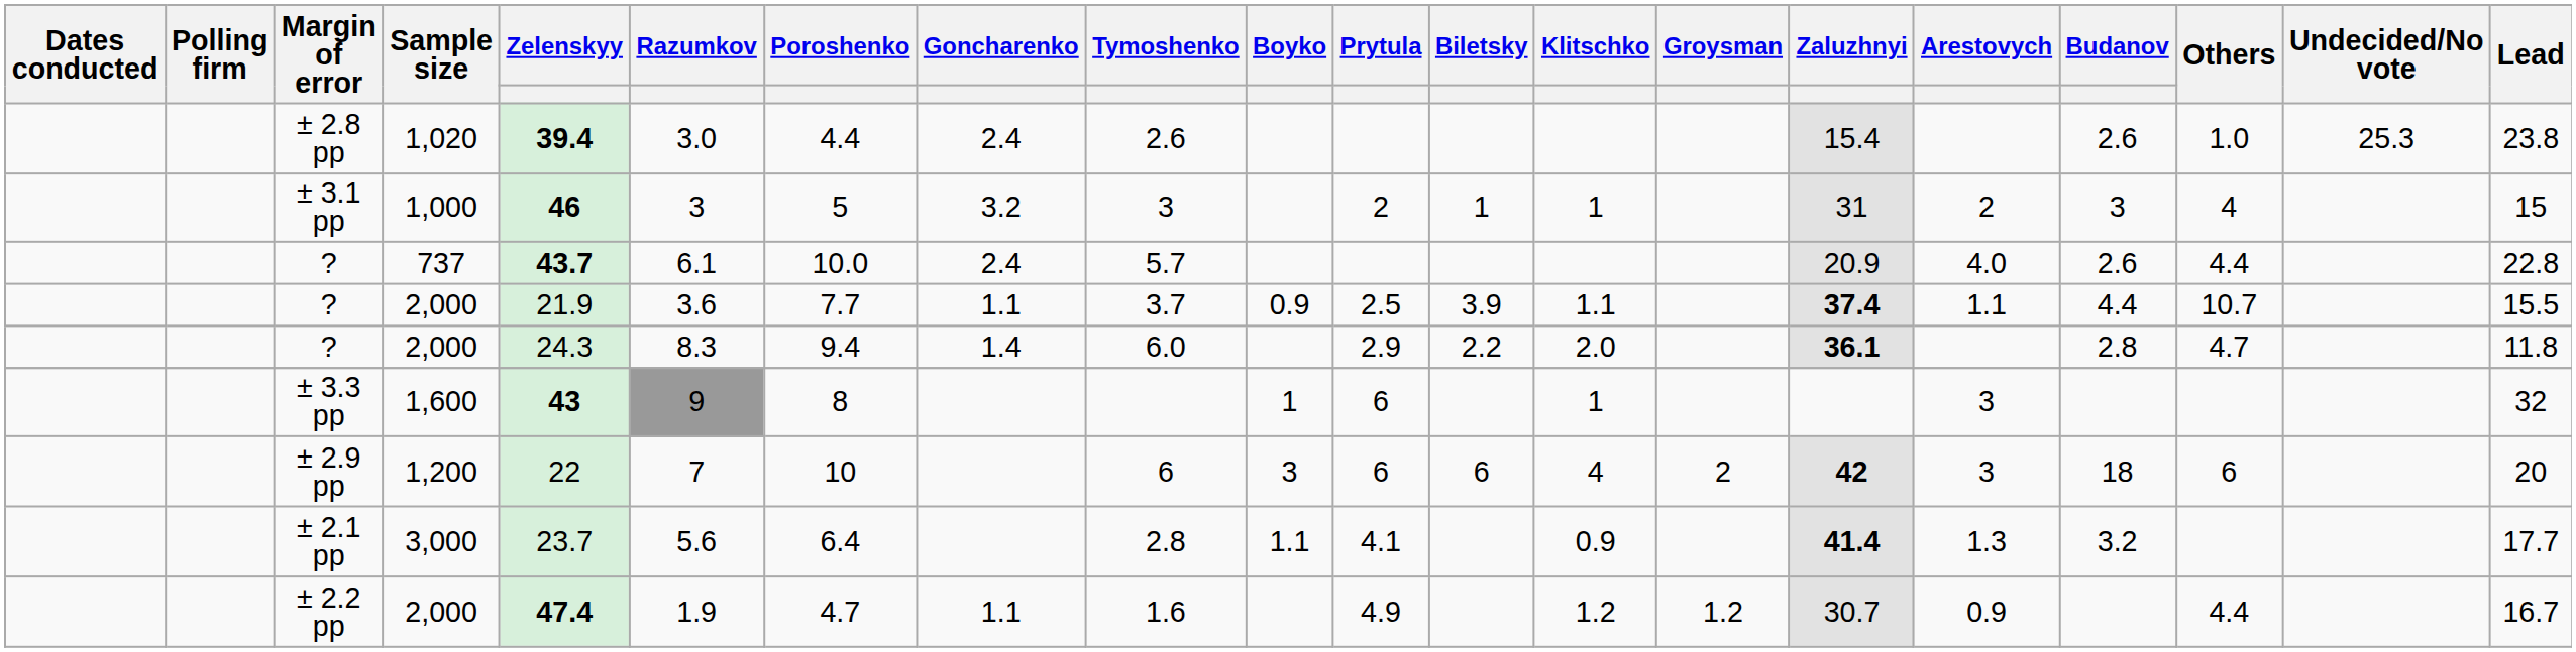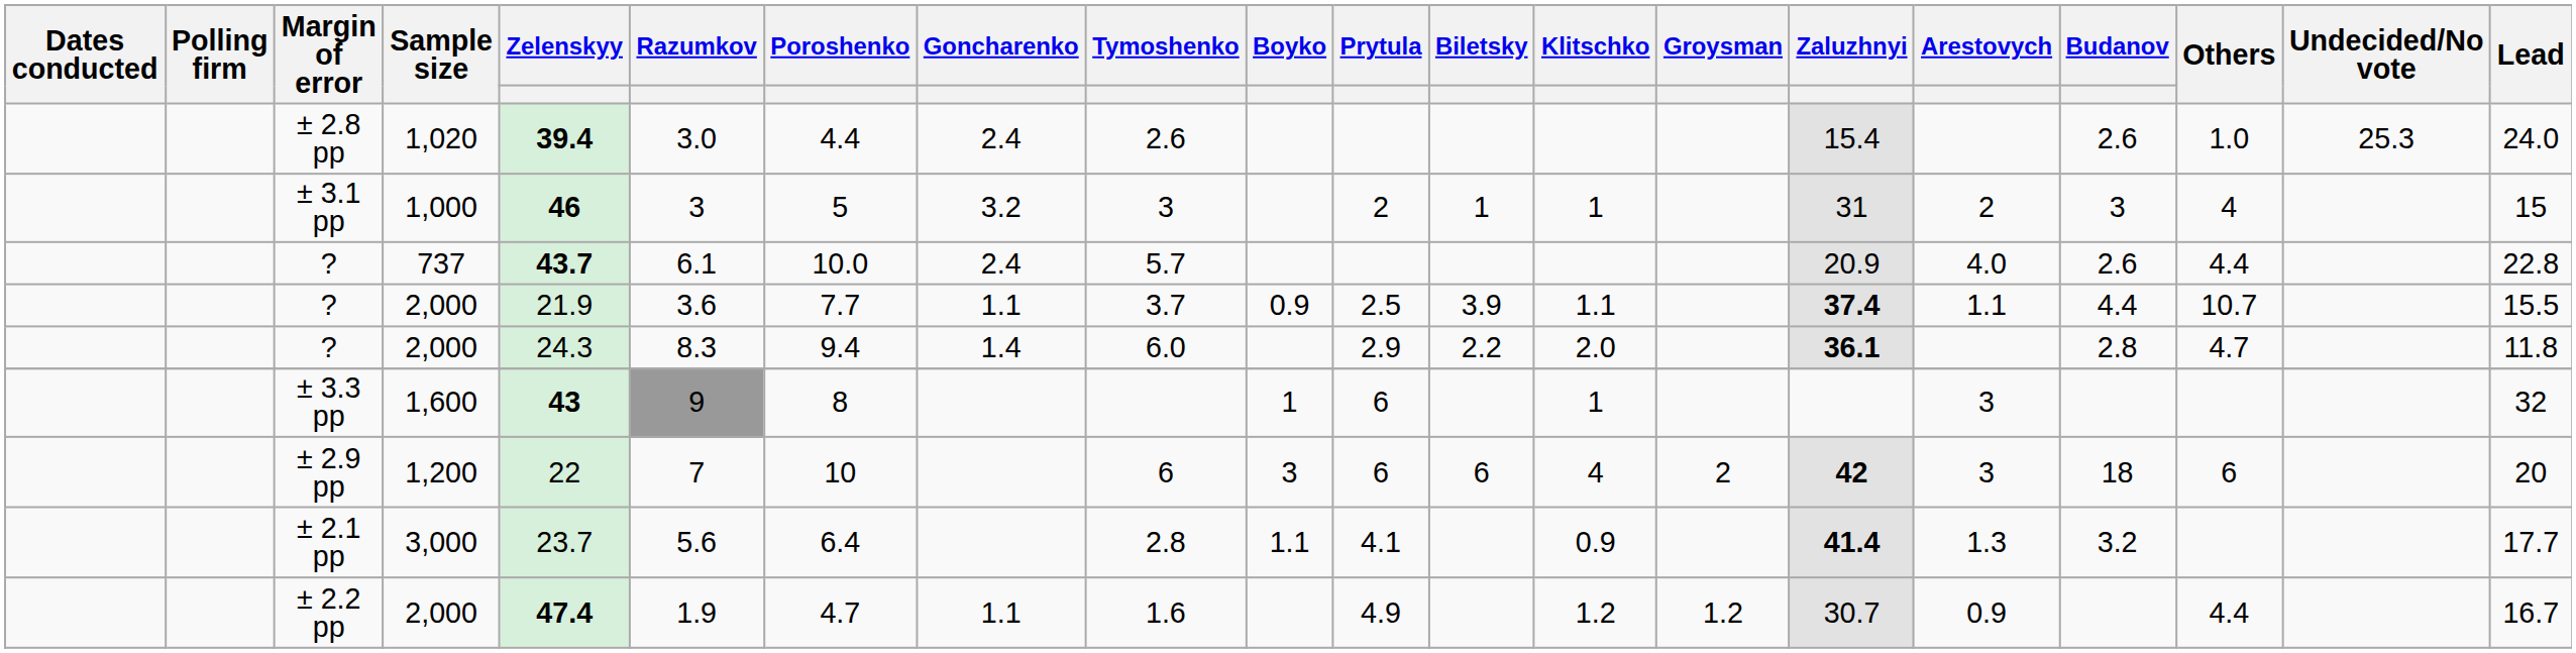 <table class="wikitable mw-datatable mw-collapsible" style="text-align:center;font-size:90%;line-height:14px;">
 <tr style="height:40px;">
 <th rowspan="2">Dates<br>conducted</th>
 <th rowspan="2">Polling firm</th>
 <th rowspan="2">Margin<br>of error</th>
 <th rowspan="2">Sample<br>size</th>
 <th><small><a href='#'>Zelenskyy</a></small><br></th>
 <th><small><a href='#'>Razumkov</a></small><br></th>
 <th><small><a href='#'>Poroshenko</a></small><br></th>
 <th><small><a href='#'>Goncharenko</a></small><br></th>
 <th><small><a href='#'>Tymoshenko</a></small><br></th>
 <th><small><a href='#'>Boyko</a></small><br></th>
 <th><small><a href='#'>Prytula</a></small><br></th>
 <th><small><a href='#'>Biletsky</a></small><br></th>
 <th><small><a href='#'>Klitschko</a></small><br></th>
 <th><small><a href='#'>Groysman</a></small><br></th>
 <th><small><a href='#'>Zaluzhnyi</a></small><br></th>
 <th><small><a href='#'>Arestovych</a></small><br></th>
 <th><small><a href='#'>Budanov</a></small><br></th>
 <th rowspan="2" style="width:40px;">Others</th>
 <th rowspan="2" style="width:40px;">Undecided/No vote</th>
 <th rowspan="2" style="width:40px;">Lead</th>
 </tr>
 <tr>
 <th data-sort-type="number" style="background:"></th>
 <th data-sort-type="number" style="background:"></th>
 <th data-sort-type="number" style="background:"></th>
 <th data-sort-type="number" style="background:"></th>
 <th data-sort-type="number" style="background:"></th>
 <th data-sort-type="number" style="background:"></th>
 <th data-sort-type="number" style="background:"></th>
 <th data-sort-type="number" style="background:"></th>
 <th data-sort-type="number" style="background:"></th>
 <th data-sort-type="number" style="background:"></th>
 <th data-sort-type="number" style="background:"></th>
 <th data-sort-type="number" style="background:"></th>
 <th data-sort-type="number" style="background:"></th>
 </tr>
 <tr>
 <td></td>
 <td></td>
 <td>± 2.8 pp</td>
 <td>1,020</td>
 <td style="background:#D7F0DB;"><strong>39.4</strong></td>
 <td>3.0</td>
 <td>4.4</td>
 <td>2.4</td>
 <td>2.6</td>
 <td></td>
 <td></td>
 <td></td>
 <td></td>
 <td></td>
 <td style="background:#E2E2E2;">15.4</td>
 <td></td>
 <td>2.6</td>
 <td>1.0</td>
 <td>25.3</td>
-<td style="background:">23.8</td>
+<td style="background:">24.0</td>
 </tr>
 <tr>
 <td></td>
 <td></td>
 <td>± 3.1 pp</td>
 <td>1,000</td>
 <td style="background:#D7F0DB;"><strong>46</strong></td>
 <td>3</td>
 <td>5</td>
 <td>3.2</td>
 <td>3</td>
 <td></td>
 <td>2</td>
 <td>1</td>
 <td>1</td>
 <td></td>
 <td style="background:#E2E2E2;">31</td>
 <td>2</td>
 <td>3</td>
 <td>4</td>
 <td></td>
 <td style="background:">15</td>
 </tr>
 <tr>
 <td></td>
 <td></td>
 <td>?</td>
 <td>737</td>
 <td style="background:#D7F0DB;"><strong>43.7</strong></td>
 <td>6.1</td>
 <td>10.0</td>
 <td>2.4</td>
 <td>5.7</td>
 <td></td>
 <td></td>
 <td></td>
 <td></td>
 <td></td>
 <td style="background:#E2E2E2;">20.9</td>
 <td>4.0</td>
 <td>2.6</td>
 <td>4.4</td>
 <td></td>
 <td style="background:">22.8</td>
 </tr>
 <tr>
 <td></td>
 <td></td>
 <td>?</td>
 <td>2,000</td>
 <td style="background:#D7F0DB;">21.9</td>
 <td>3.6</td>
 <td>7.7</td>
 <td>1.1</td>
 <td>3.7</td>
 <td>0.9</td>
 <td>2.5</td>
 <td>3.9</td>
 <td>1.1</td>
 <td></td>
 <td style="background:#E2E2E2;"><strong>37.4</strong></td>
 <td>1.1</td>
 <td>4.4</td>
 <td>10.7</td>
 <td></td>
 <td style="background:">15.5</td>
 </tr>
 <tr>
 <td></td>
 <td></td>
 <td>?</td>
 <td>2,000</td>
 <td style="background:#D7F0DB;">24.3</td>
 <td>8.3</td>
 <td>9.4</td>
 <td>1.4</td>
 <td>6.0</td>
 <td></td>
 <td>2.9</td>
 <td>2.2</td>
 <td>2.0</td>
 <td></td>
 <td style="background:#E2E2E2;"><strong>36.1</strong></td>
 <td></td>
 <td>2.8</td>
 <td>4.7</td>
 <td></td>
 <td style="background:">11.8</td>
 </tr>
 <tr>
 </tr>
 <tr>
 <td></td>
 <td></td>
 <td>± 3.3 pp</td>
 <td>1,600</td>
 <td style="background:#D7F0DB;"><strong>43</strong></td>
 <td style="background:#999999;">9</td>
 <td>8</td>
 <td></td>
 <td></td>
 <td>1</td>
 <td>6</td>
 <td></td>
 <td>1</td>
 <td></td>
 <td></td>
 <td>3</td>
 <td></td>
 <td></td>
 <td></td>
 <td style="background:">32</td>
 </tr>
 <tr>
 <td></td>
 <td></td>
 <td>± 2.9 pp</td>
 <td>1,200</td>
 <td style="background:#D7F0DB;">22</td>
 <td>7</td>
 <td>10</td>
 <td></td>
 <td>6</td>
 <td>3</td>
 <td>6</td>
 <td>6</td>
 <td>4</td>
 <td>2</td>
 <td style="background:#E2E2E2;"><strong>42</strong></td>
 <td>3</td>
 <td>18</td>
 <td>6</td>
 <td></td>
 <td style="background:">20</td>
 </tr>
 <tr>
 <td></td>
 <td></td>
 <td>± 2.1 pp</td>
 <td>3,000</td>
 <td style="background:#D7F0DB;">23.7</td>
 <td>5.6</td>
 <td>6.4</td>
 <td></td>
 <td>2.8</td>
 <td>1.1</td>
 <td>4.1</td>
 <td></td>
 <td>0.9</td>
 <td></td>
 <td style="background:#E2E2E2;"><strong>41.4</strong></td>
 <td>1.3</td>
 <td>3.2</td>
 <td></td>
 <td></td>
 <td style="background:">17.7</td>
 </tr>
 <tr>
 <td></td>
 <td></td>
 <td>± 2.2 pp</td>
 <td>2,000</td>
 <td style="background:#D7F0DB;"><strong>47.4</strong></td>
 <td>1.9</td>
 <td>4.7</td>
 <td>1.1</td>
 <td>1.6</td>
 <td></td>
 <td>4.9</td>
 <td></td>
 <td>1.2</td>
 <td>1.2</td>
 <td style="background:#E2E2E2;">30.7</td>
 <td>0.9</td>
 <td></td>
 <td>4.4</td>
 <td></td>
 <td style="background:">16.7</td>
 </tr>
 </table>
